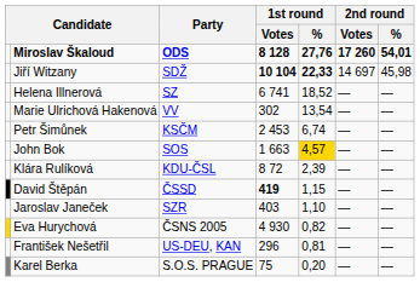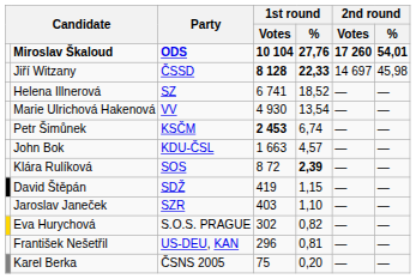 <table class="wikitable sortable">
 <tr>
 <th colspan="2" rowspan="2">Candidate</th>
 <th rowspan="2">Party</th>
 <th colspan="2">1st round</th>
 <th colspan="2">2nd round</th>
 </tr>
 <tr>
 <th>Votes</th>
 <th>%</th>
 <th>Votes</th>
 <th>%</th>
 </tr>
 <tr>
 <td style="background-color:"></td>
 <td><strong>Miroslav Škaloud</strong></td>
 <td><a href='#'><strong>ODS</strong></a></td>
-<td><strong>8 128</strong></td>
+<td><strong>10 104</strong></td>
 <td><strong>27,76</strong></td>
 <td><strong>17 260</strong></td>
 <td><strong>54,01</strong></td>
 </tr>
 <tr>
 <td style="background-color:"></td>
 <td>Jiří Witzany</td>
-<td><a href='#'>SDŽ</a></td>
-<td><strong>10 104</strong></td>
+<td><a href='#'>ČSSD</a></td>
+<td><strong>8 128</strong></td>
 <td><strong>22,33</strong></td>
 <td>14 697</td>
 <td>45,98</td>
 </tr>
 <tr>
 <td style="background-color:"></td>
 <td>Helena Illnerová</td>
 <td><a href='#'>SZ</a></td>
 <td>6 741</td>
 <td>18,52</td>
 <td>—</td>
 <td>—</td>
 </tr>
 <tr>
 <td style="background-color:"></td>
 <td>Marie Ulrichová Hakenová</td>
 <td><a href='#'>VV</a></td>
-<td>302</td>
+<td>4 930</td>
 <td>13,54</td>
 <td>—</td>
 <td>—</td>
 </tr>
 <tr>
 <td style="background-color:"></td>
 <td>Petr Šimůnek</td>
 <td><a href='#'>KSČM</a></td>
-<td>2 453</td>
+<td><strong>2 453</strong></td>
 <td>6,74</td>
 <td>—</td>
 <td>—</td>
 </tr>
 <tr>
 <td style="background-color:"></td>
 <td>John Bok</td>
-<td><a href='#'>SOS</a></td>
+<td><a href='#'>KDU-ČSL</a></td>
 <td>1 663</td>
-<td style="background: gold;">4,57</td>
+<td>4,57</td>
 <td>—</td>
 <td>—</td>
 </tr>
 <tr>
 <td style="background-color:"></td>
 <td>Klára Rulíková</td>
-<td><a href='#'>KDU-ČSL</a></td>
+<td><a href='#'>SOS</a></td>
 <td>8 72</td>
-<td>2,39</td>
+<td><strong>2,39</strong></td>
 <td>—</td>
 <td>—</td>
 </tr>
 <tr>
 <td style="background-color:black;"></td>
 <td>David Štěpán</td>
-<td><a href='#'>ČSSD</a></td>
-<td><strong>419</strong></td>
+<td><a href='#'>SDŽ</a></td>
+<td>419</td>
 <td>1,15</td>
 <td>—</td>
 <td>—</td>
 </tr>
 <tr>
 <td style="background-color:"></td>
 <td>Jaroslav Janeček</td>
 <td><a href='#'>SZR</a></td>
 <td>403</td>
 <td>1,10</td>
 <td>—</td>
 <td>—</td>
 </tr>
 <tr>
 <td style="background-color:gold;"></td>
 <td>Eva Hurychová</td>
-<td>ČSNS 2005</td>
-<td>4 930</td>
+<td>S.O.S. PRAGUE</td>
+<td>302</td>
 <td>0,82</td>
 <td>—</td>
 <td>—</td>
 </tr>
 <tr>
 <td style="background-color:"></td>
 <td>František Nešetřil</td>
 <td><a href='#'>US-DEU</a>, <a href='#'>KAN</a></td>
 <td>296</td>
 <td>0,81</td>
 <td>—</td>
 <td>—</td>
 </tr>
 <tr>
 <td style="background-color:grey;"></td>
 <td>Karel Berka</td>
-<td>S.O.S. PRAGUE</td>
+<td>ČSNS 2005</td>
 <td>75</td>
 <td>0,20</td>
 <td>—</td>
 <td>—</td>
 </tr>
 </table>
